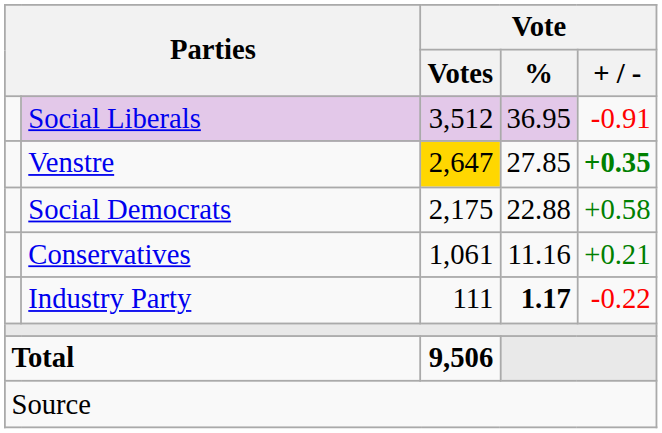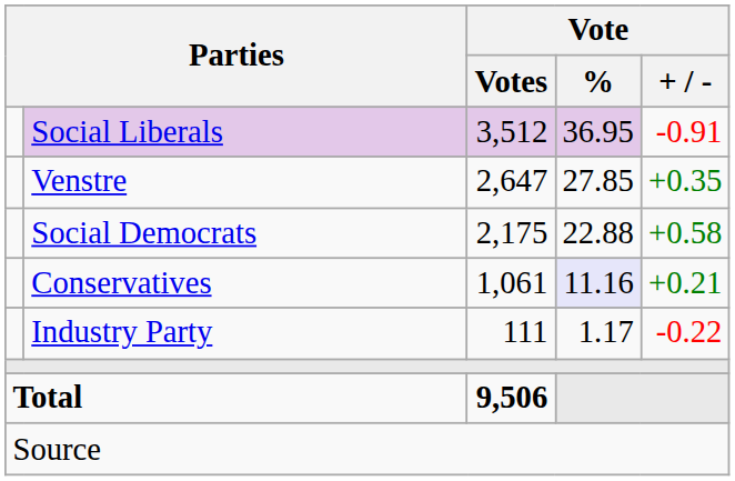 <table class="wikitable" style="text-align:right;">
 <tr>
 <th style="text-align:centre;" rowspan="2" colspan="2" width="225">Parties</th>
 <th colspan="3">Vote</th>
 </tr>
 <tr>
 <th width="15">Votes</th>
 <th width="15">%</th>
 <th width="15">+ / -</th>
 </tr>
 <tr>
 <td width="2" style="color:inherit;background:"></td>
 <td bgcolor=#e3c8e9  align="left"><a href='#'>Social Liberals</a></td>
 <td bgcolor=#e3c8e9>3,512</td>
 <td bgcolor=#e3c8e9>36.95</td>
 <td style=color:red;>-0.91</td>
 </tr>
 <tr>
 <td width="2" style="color:inherit;background:"></td>
 <td align="left"><a href='#'>Venstre</a></td>
-<td style="background: gold;">2,647</td>
+<td>2,647</td>
 <td>27.85</td>
-<td style=color:green;><strong>+0.35</strong></td>
+<td style=color:green;>+0.35</td>
 </tr>
 <tr>
 <td width="2" style="color:inherit;background:"></td>
 <td align="left"><a href='#'>Social Democrats</a></td>
 <td>2,175</td>
 <td>22.88</td>
 <td style=color:green;>+0.58</td>
 </tr>
 <tr>
 <td width="2" style="color:inherit;background:"></td>
 <td align="left"><a href='#'>Conservatives</a></td>
 <td>1,061</td>
-<td>11.16</td>
+<td style="background: lavender;">11.16</td>
 <td style=color:green;>+0.21</td>
 </tr>
 <tr>
 <td width="2" style="color:inherit;background:"></td>
 <td align="left"><a href='#'>Industry Party</a></td>
 <td>111</td>
-<td><strong>1.17</strong></td>
+<td>1.17</td>
 <td style=color:red;>-0.22</td>
 </tr>
 <tr>
 <td colspan="7" bgcolor="#E9E9E9"></td>
 </tr>
 <tr>
 <td align="left" colspan="2"><strong>Total</strong></td>
 <td><strong>9,506</strong></td>
 <td bgcolor="#E9E9E9" colspan="2"></td>
 </tr>
 <tr>
 <td align="left" colspan="6">Source</td>
 </tr>
 </table>
